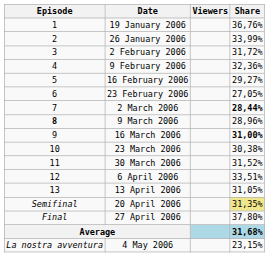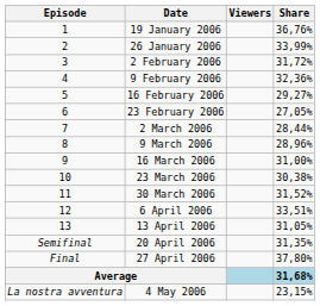 <table class="wikitable" style="text-align:center;">
 <tr>
 <th>Episode</th>
 <th>Date</th>
 <th>Viewers</th>
 <th>Share</th>
 </tr>
 <tr>
 <td>1</td>
 <td>19 January 2006</td>
 <td></td>
 <td>36,76%</td>
 </tr>
 <tr>
 <td>2</td>
 <td>26 January 2006</td>
 <td></td>
 <td>33,99%</td>
 </tr>
 <tr>
 <td>3</td>
 <td>2 February 2006</td>
 <td></td>
 <td>31,72%</td>
 </tr>
 <tr>
 <td>4</td>
 <td>9 February 2006</td>
 <td></td>
 <td>32,36%</td>
 </tr>
 <tr>
 <td>5</td>
 <td>16 February 2006</td>
 <td></td>
 <td>29,27%</td>
 </tr>
 <tr>
 <td>6</td>
 <td>23 February 2006</td>
 <td></td>
 <td>27,05%</td>
 </tr>
 <tr>
 <td>7</td>
 <td>2 March 2006</td>
 <td></td>
-<td><strong>28,44%</strong></td>
+<td>28,44%</td>
 </tr>
 <tr>
-<td><strong>8</strong></td>
+<td>8</td>
 <td>9 March 2006</td>
 <td></td>
 <td>28,96%</td>
 </tr>
 <tr>
 <td>9</td>
 <td>16 March 2006</td>
 <td></td>
-<td><strong>31,00%</strong></td>
+<td>31,00%</td>
 </tr>
 <tr>
 <td>10</td>
 <td>23 March 2006</td>
 <td></td>
 <td>30,38%</td>
 </tr>
 <tr>
 <td>11</td>
 <td>30 March 2006</td>
 <td></td>
 <td>31,52%</td>
 </tr>
 <tr>
 <td>12</td>
 <td>6 April 2006</td>
 <td></td>
 <td>33,51%</td>
 </tr>
 <tr>
 <td>13</td>
 <td>13 April 2006</td>
 <td></td>
 <td>31,05%</td>
 </tr>
 <tr>
 <td><em>Semifinal</em></td>
 <td>20 April 2006</td>
 <td></td>
-<td style="background: khaki;">31,35%</td>
+<td>31,35%</td>
 </tr>
 <tr>
 <td><em>Final</em></td>
 <td>27 April 2006</td>
 <td></td>
 <td>37,80%</td>
 </tr>
 <tr>
 <th colspan="2">Average</th>
 <td bgcolor="lightblue"><strong></strong></td>
 <td bgcolor="lightblue"><strong>31,68%</strong></td>
 </tr>
 <tr>
 <td><em>La nostra avventura</em></td>
 <td>4 May 2006</td>
 <td></td>
 <td>23,15%</td>
 </tr>
 </table>
